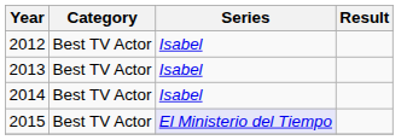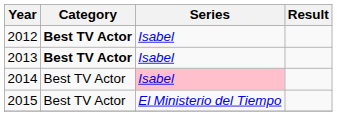 <table class="wikitable" border="1">
 <tr bgcolor="#CCCCCC">
 <th><strong>Year</strong></th>
 <th><strong>Category</strong></th>
 <th><strong>Series</strong></th>
 <th><strong>Result</strong></th>
 </tr>
 <tr>
 <td>2012</td>
-<td>Best TV Actor</td>
+<td><strong>Best TV Actor</strong></td>
 <td><em><a href='#'>Isabel</a></em></td>
 <td></td>
 </tr>
 <tr>
 <td>2013</td>
-<td>Best TV Actor</td>
+<td><strong>Best TV Actor</strong></td>
 <td><em><a href='#'>Isabel</a></em></td>
 <td></td>
 </tr>
 <tr>
 <td>2014</td>
 <td>Best TV Actor</td>
-<td><em><a href='#'>Isabel</a></em></td>
+<td style="background: pink;"><em><a href='#'>Isabel</a></em></td>
 <td></td>
 </tr>
 <tr>
 <td>2015</td>
 <td>Best TV Actor</td>
-<td style="background: lavender;"><em><a href='#'>El Ministerio del Tiempo</a></em></td>
+<td><em><a href='#'>El Ministerio del Tiempo</a></em></td>
 <td></td>
 </tr>
 <tr>
 </tr>
 </table>
